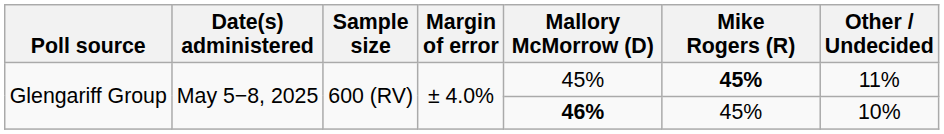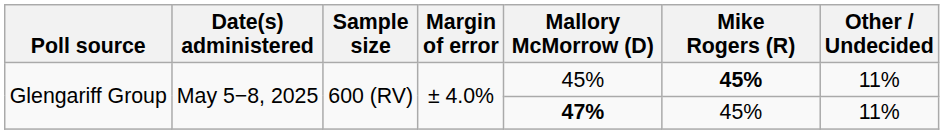 <table class="wikitable" style="font-size:90%;text-align:center;">
 <tr valign=bottom>
 <th>Poll source</th>
 <th>Date(s)<br>administered</th>
 <th>Sample<br>size</th>
 <th>Margin<br>of error</th>
 <th style="width:100px;">Mallory<br>McMorrow (D)</th>
 <th style="width:100px;">Mike<br>Rogers (R)</th>
 <th>Other /<br>Undecided</th>
 </tr>
 <tr>
 <td style="text-align:left;" rowspan="2">Glengariff Group</td>
 <td rowspan="2">May 5−8, 2025</td>
 <td rowspan="2">600 (RV)</td>
 <td rowspan="2">± 4.0%</td>
 <td>45%</td>
 <td><strong>45%</strong></td>
 <td>11%</td>
 </tr>
 <tr>
-<td><strong>46%</strong></td>
+<td><strong>47%</strong></td>
 <td>45%</td>
-<td>10%</td>
+<td>11%</td>
 </tr>
 </table>
